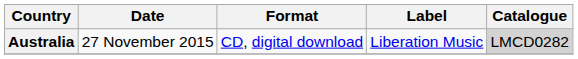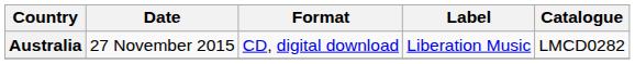 <table class="wikitable plainrowheaders">
 <tr>
 <th scope="col">Country</th>
 <th scope="col">Date</th>
 <th scope="col">Format</th>
 <th scope="col">Label</th>
 <th scope="col">Catalogue</th>
 </tr>
 <tr>
 <th scope="row">Australia</th>
 <td>27 November 2015</td>
 <td><a href='#'>CD</a>, <a href='#'>digital download</a></td>
 <td><a href='#'>Liberation Music</a></td>
-<td style="background: lightgrey;">LMCD0282</td>
+<td>LMCD0282</td>
 </tr>
 <tr>
 </tr>
 </table>
